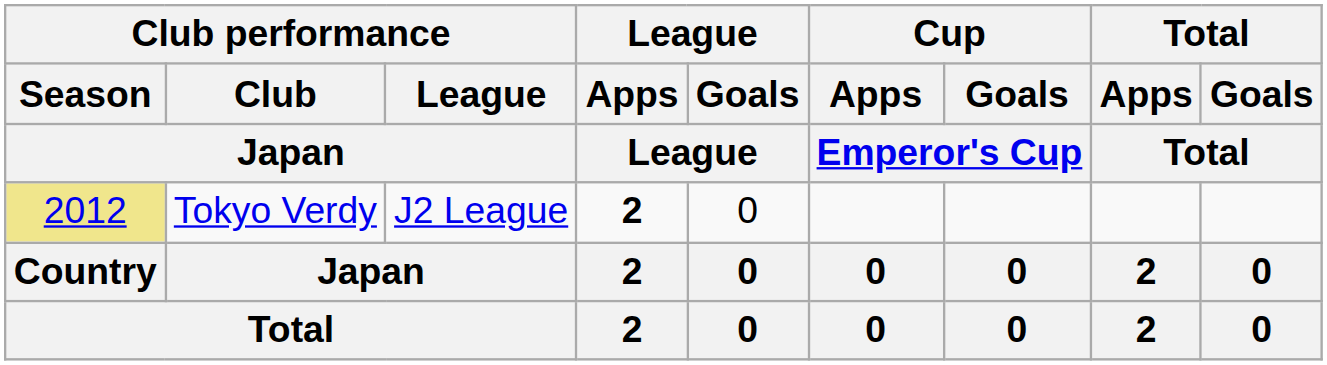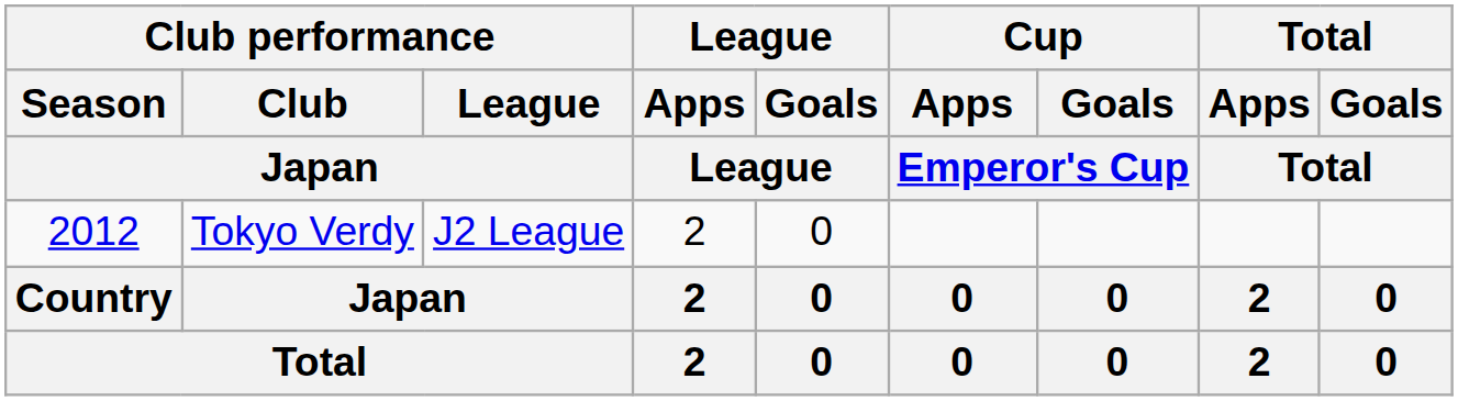 <table class="wikitable" style="text-align:center;">
 <tr>
 <th colspan=3>Club performance</th>
 <th colspan=2>League</th>
 <th colspan=2>Cup</th>
 <th colspan=2>Total</th>
 </tr>
 <tr>
 <th>Season</th>
 <th>Club</th>
 <th>League</th>
 <th>Apps</th>
 <th>Goals</th>
 <th>Apps</th>
 <th>Goals</th>
 <th>Apps</th>
 <th>Goals</th>
 </tr>
 <tr>
 <th colspan=3>Japan</th>
 <th colspan=2>League</th>
 <th colspan=2><a href='#'>Emperor's Cup</a></th>
 <th colspan=2>Total</th>
 </tr>
 <tr>
-<td style="background: khaki;"><a href='#'>2012</a></td>
+<td><a href='#'>2012</a></td>
 <td><a href='#'>Tokyo Verdy</a></td>
 <td><a href='#'>J2 League</a></td>
-<td><strong>2</strong></td>
+<td>2</td>
 <td>0</td>
 <td></td>
 <td></td>
 <td></td>
 <td></td>
 </tr>
 <tr>
 <th rowspan=1>Country</th>
 <th colspan=2>Japan</th>
 <th>2</th>
 <th>0</th>
 <th>0</th>
 <th>0</th>
 <th>2</th>
 <th>0</th>
 </tr>
 <tr>
 <th colspan=3>Total</th>
 <th>2</th>
 <th>0</th>
 <th>0</th>
 <th>0</th>
 <th>2</th>
 <th>0</th>
 </tr>
 </table>
